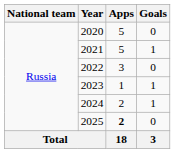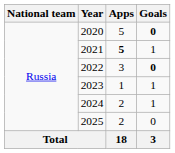 <table class=wikitable style=text-align:center>
 <tr>
 <th>National team</th>
 <th>Year</th>
 <th>Apps</th>
 <th>Goals</th>
 </tr>
 <tr>
 <td rowspan="6"><a href='#'>Russia</a></td>
 <td>2020</td>
 <td>5</td>
-<td>0</td>
+<td><strong>0</strong></td>
 </tr>
 <tr>
 <td>2021</td>
-<td>5</td>
+<td><strong>5</strong></td>
 <td>1</td>
 </tr>
 <tr>
 <td>2022</td>
 <td>3</td>
-<td>0</td>
+<td><strong>0</strong></td>
 </tr>
 <tr>
 <td>2023</td>
 <td>1</td>
 <td>1</td>
 </tr>
 <tr>
 <td>2024</td>
 <td>2</td>
 <td>1</td>
 </tr>
 <tr>
 <td>2025</td>
-<td><strong>2</strong></td>
+<td>2</td>
 <td>0</td>
 </tr>
 <tr>
 <th colspan=2>Total</th>
 <th>18</th>
 <th>3</th>
 </tr>
 </table>
